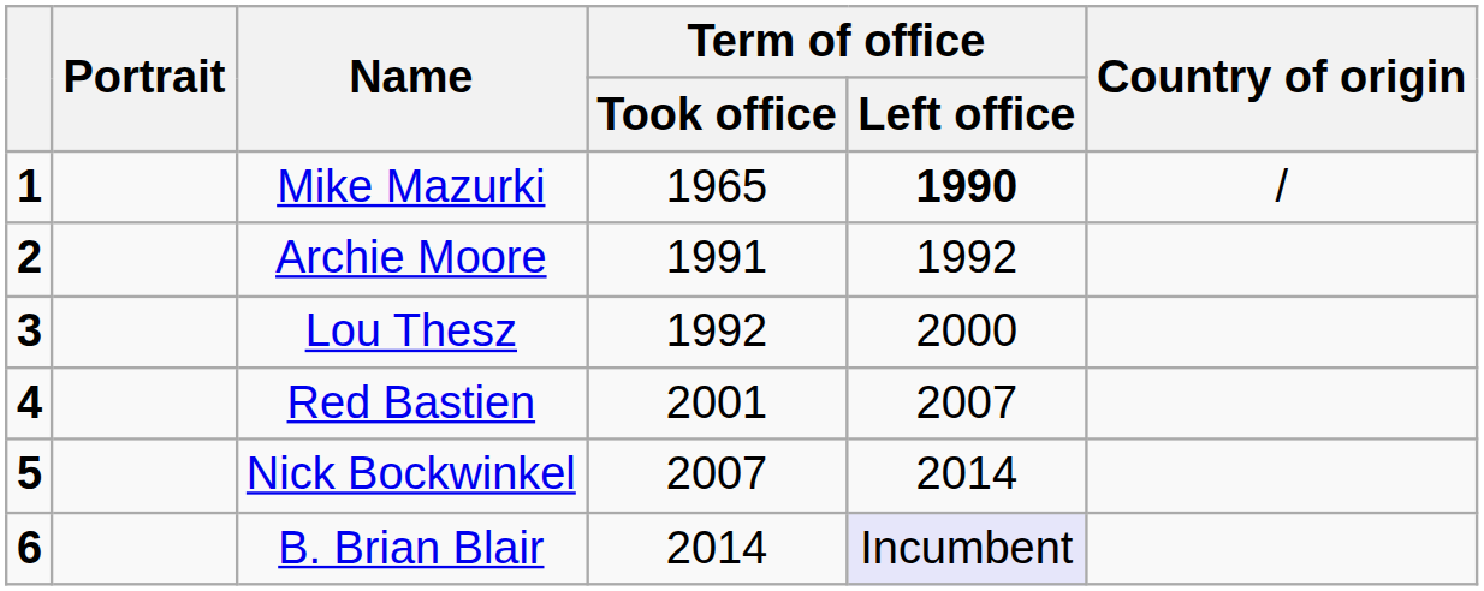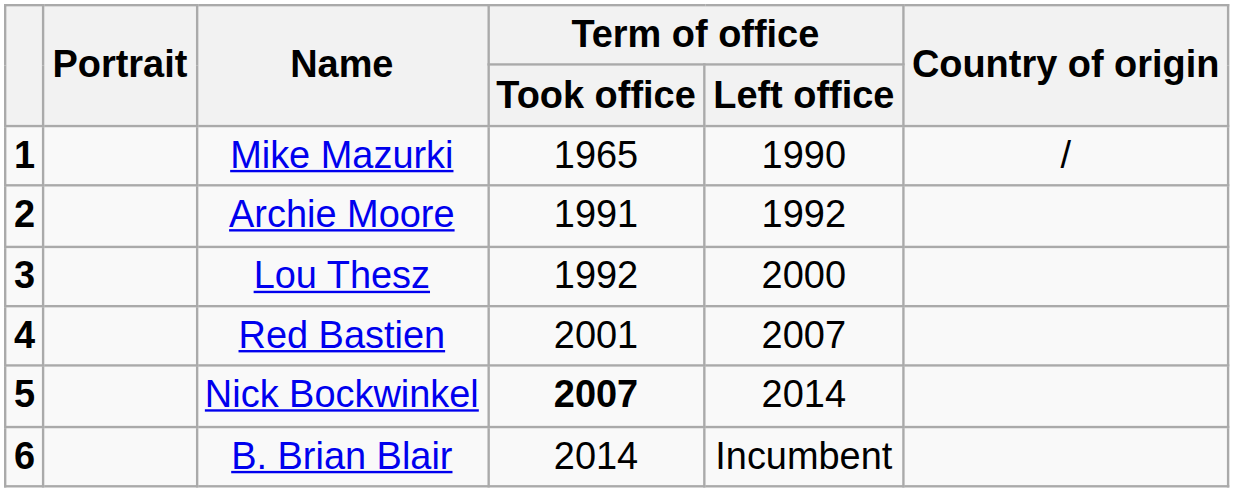 <table class="wikitable" style="text-align:center">
 <tr>
 <th rowspan=2></th>
 <th rowspan=2>Portrait</th>
 <th rowspan=2>Name<br></th>
 <th colspan=2>Term of office</th>
 <th rowspan=2>Country of origin</th>
 </tr>
 <tr>
 <th>Took office</th>
 <th>Left office</th>
 </tr>
 <tr>
 <td><strong>1</strong></td>
 <td></td>
 <td><a href='#'>Mike Mazurki</a><br></td>
 <td>1965</td>
-<td><strong>1990</strong></td>
+<td>1990</td>
 <td>/<br></td>
 </tr>
 <tr>
 <td><strong>2</strong></td>
 <td></td>
 <td><a href='#'>Archie Moore</a><br></td>
 <td>1991</td>
 <td>1992</td>
 <td></td>
 </tr>
 <tr>
 <td><strong>3</strong></td>
 <td></td>
 <td><a href='#'>Lou Thesz</a><br></td>
 <td>1992</td>
 <td>2000</td>
 <td></td>
 </tr>
 <tr>
 <td><strong>4</strong></td>
 <td></td>
 <td><a href='#'>Red Bastien</a><br></td>
 <td>2001</td>
 <td>2007</td>
 <td></td>
 </tr>
 <tr>
 <td><strong>5</strong></td>
 <td></td>
 <td><a href='#'>Nick Bockwinkel</a><br></td>
-<td>2007</td>
+<td><strong>2007</strong></td>
 <td>2014</td>
 <td></td>
 </tr>
 <tr>
 <td><strong>6</strong></td>
 <td></td>
 <td><a href='#'>B. Brian Blair</a><br></td>
 <td>2014</td>
-<td style="background: lavender;">Incumbent</td>
+<td>Incumbent</td>
 <td></td>
 </tr>
 </table>
